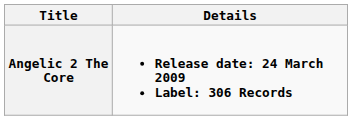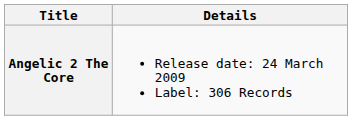 <table class="wikitable plainrowheaders">
 <tr>
 <th style="width:8em;">Title</th>
 <th style="width:18em;">Details</th>
 </tr>
 <tr>
 <th scope="row">Angelic 2 The Core</th>
-<td><strong><br><ul><li>Release date: 24 March 2009</li><li>Label: 306 Records</li></ul></strong></td>
+<td><br><ul><li>Release date: 24 March 2009</li><li>Label: 306 Records</li></ul></td>
 </tr>
 </table>
